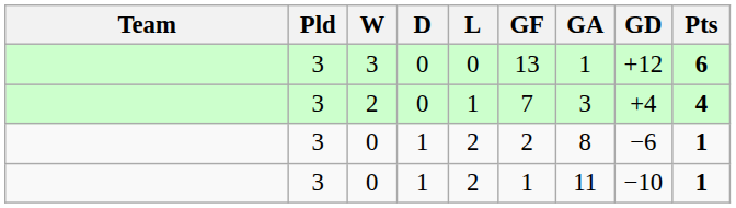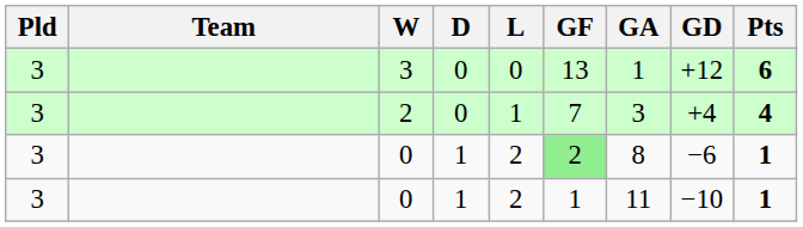 <table class="wikitable" style="text-align: center;">
 <tr>
+<th width="30">Pld</th>
 <th width="175">Team</th>
-<th width="30">Pld</th>
 <th width="25">W</th>
 <th width="25">D</th>
 <th width="25">L</th>
 <th width="30">GF</th>
 <th width="30">GA</th>
 <th width="30">GD</th>
 <th width="30">Pts</th>
 </tr>
 <tr bgcolor="#ccffcc">
+<td>3</td>
 <td align=left></td>
-<td>3</td>
 <td>3</td>
 <td>0</td>
 <td>0</td>
 <td>13</td>
 <td>1</td>
 <td>+12</td>
 <td><strong>6</strong></td>
 </tr>
 <tr bgcolor="#ccffcc">
+<td>3</td>
 <td align=left></td>
-<td>3</td>
 <td>2</td>
 <td>0</td>
 <td>1</td>
 <td>7</td>
 <td>3</td>
 <td>+4</td>
 <td><strong>4</strong></td>
 </tr>
 <tr>
+<td>3</td>
 <td align=left></td>
-<td>3</td>
 <td>0</td>
 <td>1</td>
 <td>2</td>
-<td>2</td>
+<td style="background: lightgreen;">2</td>
 <td>8</td>
 <td>−6</td>
 <td><strong>1</strong></td>
 </tr>
 <tr>
+<td>3</td>
 <td align=left></td>
-<td>3</td>
 <td>0</td>
 <td>1</td>
 <td>2</td>
 <td>1</td>
 <td>11</td>
 <td>−10</td>
 <td><strong>1</strong></td>
 </tr>
 </table>
